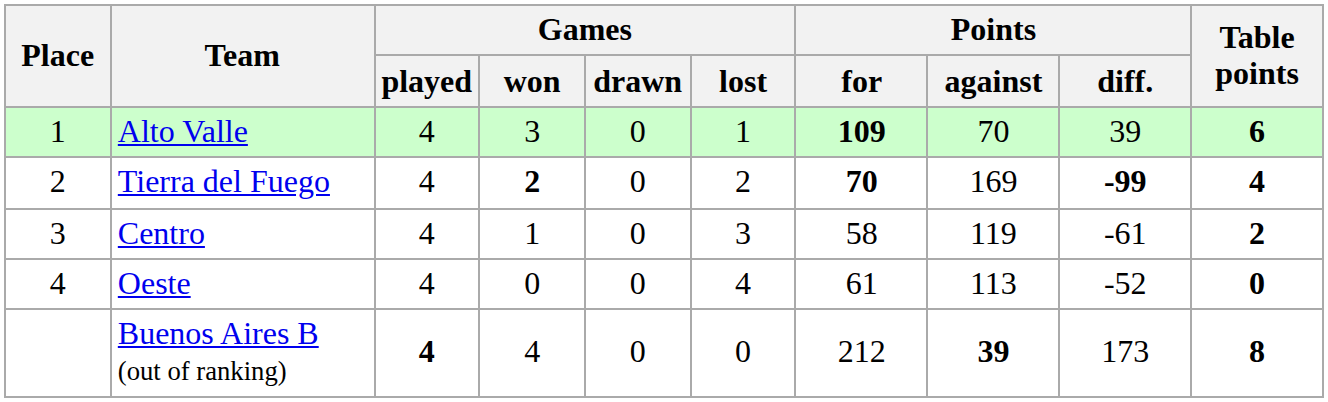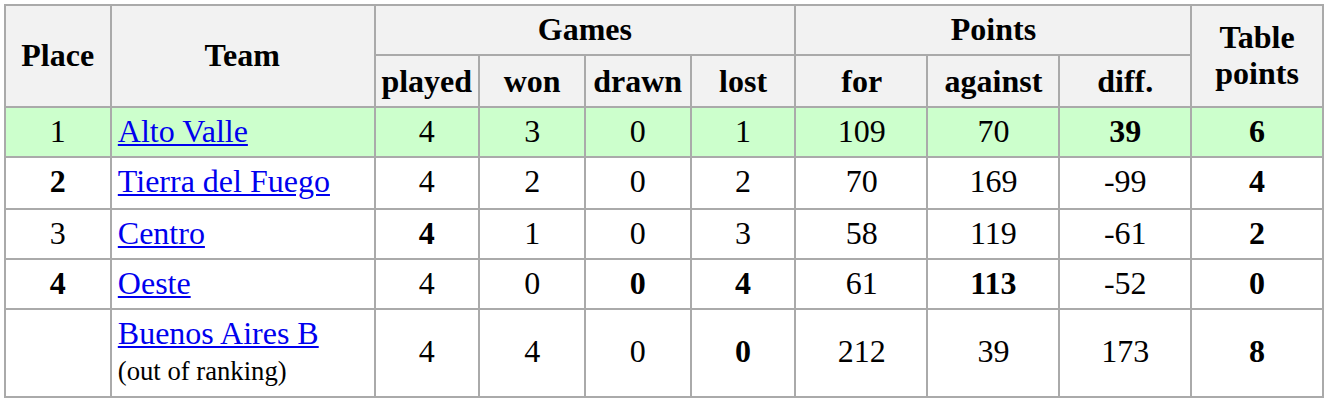 <table class="wikitable">
 <tr>
 <th rowspan=2 width="8%">Place</th>
 <th rowspan=2 width="20%">Team</th>
 <th colspan=4 width="32%">Games</th>
 <th colspan=3 width="30%">Points</th>
 <th rowspan=2 width="10%">Table<br>points</th>
 </tr>
 <tr>
 <th width="8%">played</th>
 <th width="8%">won</th>
 <th width="8%">drawn</th>
 <th width="8%">lost</th>
 <th width="10%">for</th>
 <th width="10%">against</th>
 <th width="10%">diff.</th>
 </tr>
 <tr align=center style="background: #ccffcc;">
 <td>1</td>
 <td align=left><a href='#'>Alto Valle</a></td>
 <td>4</td>
 <td>3</td>
 <td>0</td>
 <td>1</td>
-<td><strong>109</strong></td>
+<td>109</td>
 <td>70</td>
-<td>39</td>
+<td><strong>39</strong></td>
 <td><strong>6</strong></td>
 </tr>
 <tr align=center style="background: #ffffff;">
-<td>2</td>
+<td><strong>2</strong></td>
 <td align=left><a href='#'>Tierra del Fuego</a></td>
 <td>4</td>
-<td><strong>2</strong></td>
+<td>2</td>
 <td>0</td>
 <td>2</td>
-<td><strong>70</strong></td>
+<td>70</td>
 <td>169</td>
-<td><strong>-99</strong></td>
+<td>-99</td>
 <td><strong>4</strong></td>
 </tr>
 <tr align=center style="background: #ffffff;">
 <td>3</td>
 <td align=left><a href='#'>Centro</a></td>
-<td>4</td>
+<td><strong>4</strong></td>
 <td>1</td>
 <td>0</td>
 <td>3</td>
 <td>58</td>
 <td>119</td>
 <td>-61</td>
 <td><strong>2</strong></td>
 </tr>
 <tr align=center style="background: #ffffff;">
-<td>4</td>
+<td><strong>4</strong></td>
 <td align=left><a href='#'>Oeste</a></td>
 <td>4</td>
 <td>0</td>
-<td>0</td>
-<td>4</td>
+<td><strong>0</strong></td>
+<td><strong>4</strong></td>
 <td>61</td>
-<td>113</td>
+<td><strong>113</strong></td>
 <td>-52</td>
 <td><strong>0</strong></td>
 </tr>
 <tr align=center style="background: #ffffff;">
 <td></td>
 <td align=left><a href='#'>Buenos Aires B</a><br><small>(out of ranking)</small></td>
-<td><strong>4</strong></td>
+<td>4</td>
 <td>4</td>
 <td>0</td>
-<td>0</td>
+<td><strong>0</strong></td>
 <td>212</td>
-<td><strong>39</strong></td>
+<td>39</td>
 <td>173</td>
 <td><strong>8</strong></td>
 </tr>
 </table>
